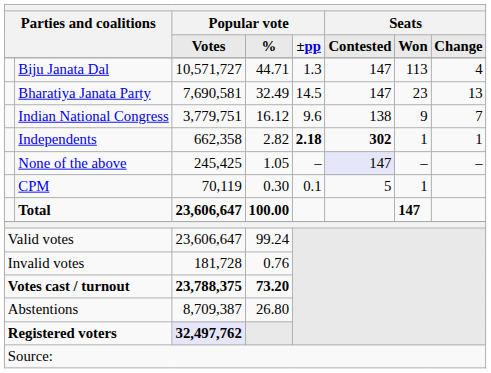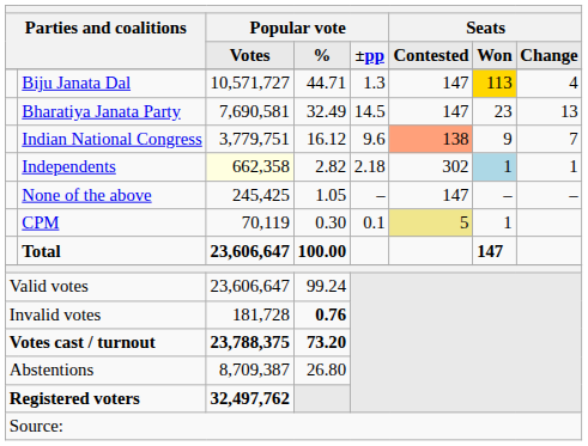 <table class="wikitable sortable">
 <tr>
 <th colspan=10></th>
 </tr>
 <tr valign="top">
 <th colspan="2" rowspan="2"><strong>Parties and coalitions</strong></th>
 <th colspan="3">Popular vote</th>
 <th colspan="3">Seats</th>
 </tr>
 <tr>
 <th style="background-color:#E9E9E9">Votes</th>
 <th style="background-color:#E9E9E9">%</th>
 <th><strong>±</strong><a href='#'>pp</a></th>
 <th style="background-color:#E9E9E9">Contested</th>
 <th style="background-color:#E9E9E9">Won</th>
 <th style="background-color:#E9E9E9">Change</th>
 </tr>
 <tr>
 </tr>
 <tr>
 <td style="background-color:"> </td>
 <td style="text-align:left;"><a href='#'>Biju Janata Dal</a></td>
 <td align="right">10,571,727</td>
 <td align="right">44.71</td>
 <td align="right">1.3</td>
 <td align="right">147</td>
-<td align="right">113</td>
+<td align="right" style="background: gold;">113</td>
 <td align="right">4</td>
 </tr>
 <tr>
 <td style="background-color:"> </td>
 <td style="text-align:left;"><a href='#'>Bharatiya Janata Party</a></td>
 <td align="right">7,690,581</td>
 <td align="right">32.49</td>
 <td align="right">14.5</td>
 <td align="right">147</td>
 <td align="right">23</td>
 <td align="right">13</td>
 </tr>
 <tr>
 <td style="background-color:"> </td>
 <td style="text-align:left;"><a href='#'>Indian National Congress</a></td>
 <td align="right">3,779,751</td>
 <td align="right">16.12</td>
 <td align="right">9.6</td>
-<td align="right">138</td>
+<td align="right" style="background: lightsalmon;">138</td>
 <td align="right">9</td>
 <td align="right">7</td>
 </tr>
 <tr>
 <td style="background-color:"> </td>
 <td style="text-align:left;"><a href='#'>Independents</a></td>
-<td align="right">662,358</td>
+<td align="right" style="background: lightyellow;">662,358</td>
 <td align="right">2.82</td>
-<td align="right"><strong>2.18</strong></td>
-<td align="right"><strong>302</strong></td>
-<td align="right">1</td>
+<td align="right">2.18</td>
+<td align="right">302</td>
+<td align="right" style="background: lightblue;">1</td>
 <td align="right">1</td>
 </tr>
 <tr>
 <td style="background-color:"> </td>
 <td style="text-align:left;"><a href='#'>None of the above</a></td>
 <td align="right">245,425</td>
 <td align="right">1.05</td>
 <td align="right">–</td>
-<td align="right" style="background: lavender;">147</td>
+<td align="right">147</td>
 <td align="right">–</td>
 <td align="right">–</td>
 </tr>
 <tr>
 <td style="background-color:"> </td>
 <td style="text-align:left;"><a href='#'>CPM</a></td>
 <td align="right">70,119</td>
 <td align="right">0.30</td>
 <td align="right">0.1</td>
-<td align="right">5</td>
+<td align="right" style="background: khaki;">5</td>
 <td align="right">1</td>
 <td align="right"></td>
 </tr>
 <tr class=sortbottom>
 <td></td>
 <td colspan=1><strong>Total</strong></td>
 <td align="right"><strong>23,606,647</strong></td>
 <td align="right"><strong>100.00</strong></td>
 <td></td>
 <td align="right"></td>
 <td><strong>147</strong></td>
 <td></td>
 </tr>
 <tr class=sortbottom>
 </tr>
 <tr class=sortbottom>
 <th colspan="8"></th>
 </tr>
 <tr class=sortbottom>
 <td style="text-align:left;" colspan="2">Valid votes</td>
 <td align="right">23,606,647</td>
 <td align="right">99.24</td>
 <td colspan="4" rowspan="5" style="background-color:#E9E9E9"></td>
 </tr>
 <tr class=sortbottom>
 <td style="text-align:left;" colspan="2">Invalid votes</td>
 <td align="right">181,728</td>
-<td align="right">0.76</td>
+<td align="right"><strong>0.76</strong></td>
 </tr>
 <tr class=sortbottom>
 <td style="text-align:left;" colspan="2"><strong>Votes cast / turnout</strong></td>
 <td align="right"><strong>23,788,375 </strong></td>
 <td align="right"><strong>73.20</strong></td>
 </tr>
 <tr class=sortbottom>
 <td style="text-align:left;" colspan="2">Abstentions</td>
 <td align="right">8,709,387</td>
 <td align="right">26.80</td>
 </tr>
 <tr class=sortbottom>
 <td style="text-align:left;" colspan="2"><strong>Registered voters</strong></td>
-<td align="right" style="background: lavender;"><strong>32,497,762</strong></td>
+<td align="right"><strong>32,497,762</strong></td>
 <td colspan="1" style="background-color:#E9E9E9"></td>
 </tr>
 <tr class=sortbottom>
 <td align=left colspan=8>Source:</td>
 </tr>
 </table>
